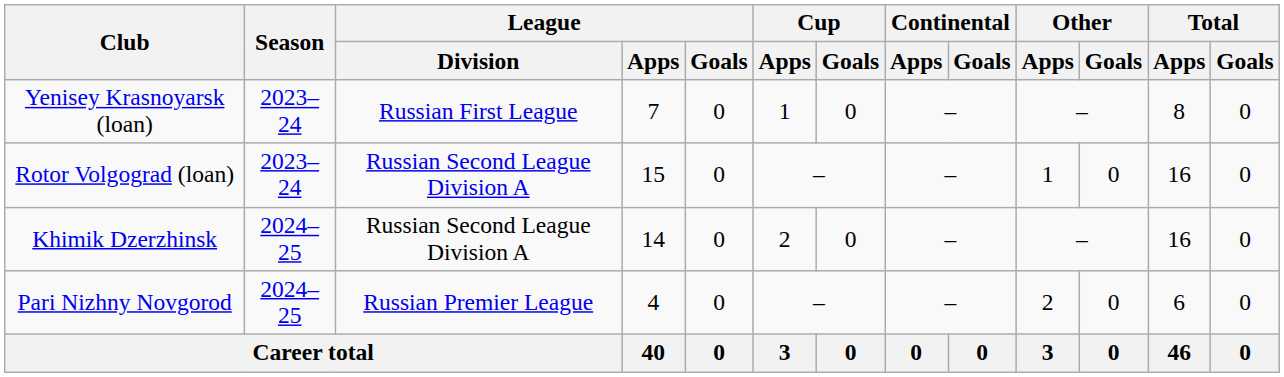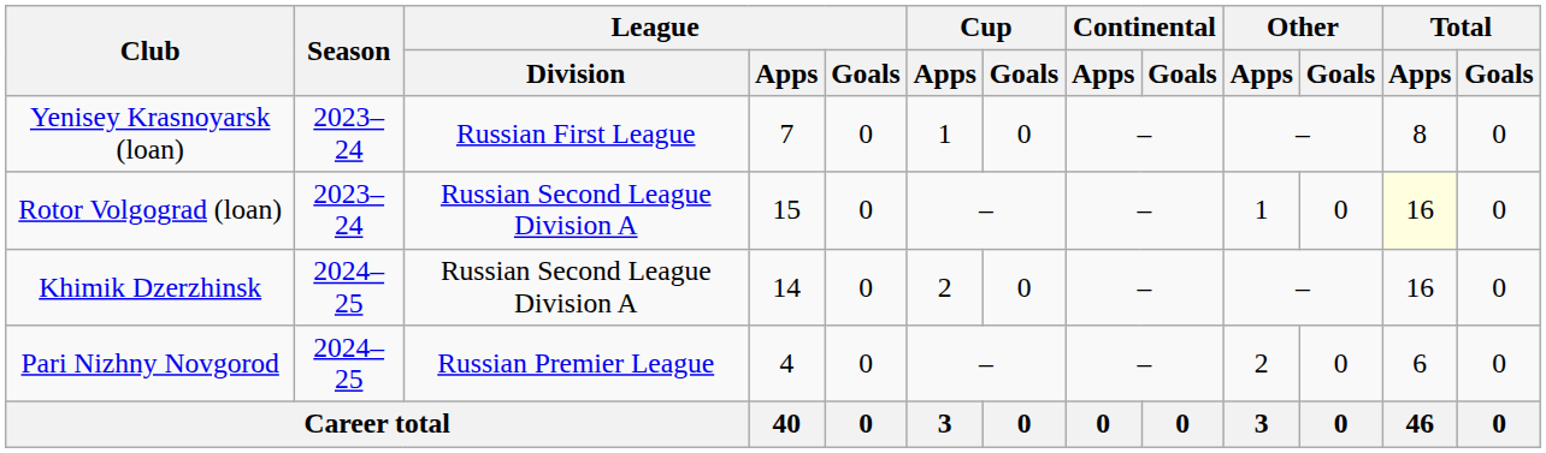 <table class="wikitable" style="text-align: center;">
 <tr>
 <th rowspan=2>Club</th>
 <th rowspan=2>Season</th>
 <th colspan=3>League</th>
 <th colspan=2>Cup</th>
 <th colspan=2>Continental</th>
 <th colspan=2>Other</th>
 <th colspan=2>Total</th>
 </tr>
 <tr>
 <th>Division</th>
 <th>Apps</th>
 <th>Goals</th>
 <th>Apps</th>
 <th>Goals</th>
 <th>Apps</th>
 <th>Goals</th>
 <th>Apps</th>
 <th>Goals</th>
 <th>Apps</th>
 <th>Goals</th>
 </tr>
 <tr>
 <td><a href='#'>Yenisey Krasnoyarsk</a> (loan)</td>
 <td><a href='#'>2023–24</a></td>
 <td><a href='#'>Russian First League</a></td>
 <td>7</td>
 <td>0</td>
 <td>1</td>
 <td>0</td>
 <td colspan=2>–</td>
 <td colspan=2>–</td>
 <td>8</td>
 <td>0</td>
 </tr>
 <tr>
 <td><a href='#'>Rotor Volgograd</a> (loan)</td>
 <td><a href='#'>2023–24</a></td>
 <td><a href='#'>Russian Second League Division A</a></td>
 <td>15</td>
 <td>0</td>
 <td colspan=2>–</td>
 <td colspan=2>–</td>
 <td>1</td>
 <td>0</td>
-<td>16</td>
+<td style="background: lightyellow;">16</td>
 <td>0</td>
 </tr>
 <tr>
 <td><a href='#'>Khimik Dzerzhinsk</a></td>
 <td><a href='#'>2024–25</a></td>
 <td>Russian Second League Division A</td>
 <td>14</td>
 <td>0</td>
 <td>2</td>
 <td>0</td>
 <td colspan=2>–</td>
 <td colspan=2>–</td>
 <td>16</td>
 <td>0</td>
 </tr>
 <tr>
 <td><a href='#'>Pari Nizhny Novgorod</a></td>
 <td><a href='#'>2024–25</a></td>
 <td><a href='#'>Russian Premier League</a></td>
 <td>4</td>
 <td>0</td>
 <td colspan=2>–</td>
 <td colspan=2>–</td>
 <td>2</td>
 <td>0</td>
 <td>6</td>
 <td>0</td>
 </tr>
 <tr>
 <th colspan=3>Career total</th>
 <th>40</th>
 <th>0</th>
 <th>3</th>
 <th>0</th>
 <th>0</th>
 <th>0</th>
 <th>3</th>
 <th>0</th>
 <th>46</th>
 <th>0</th>
 </tr>
 </table>
